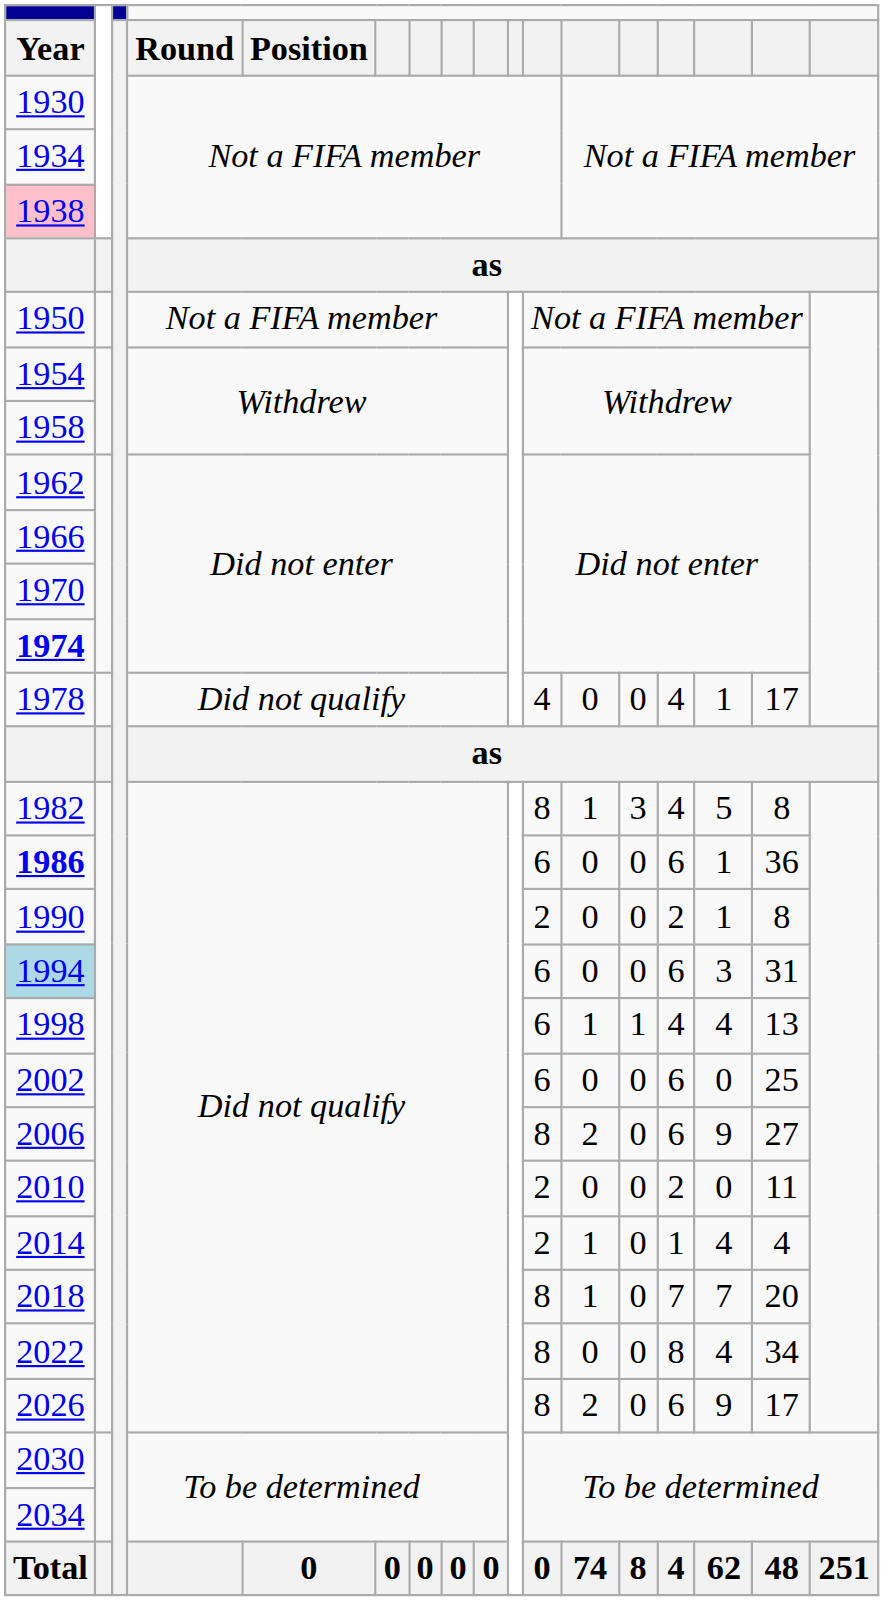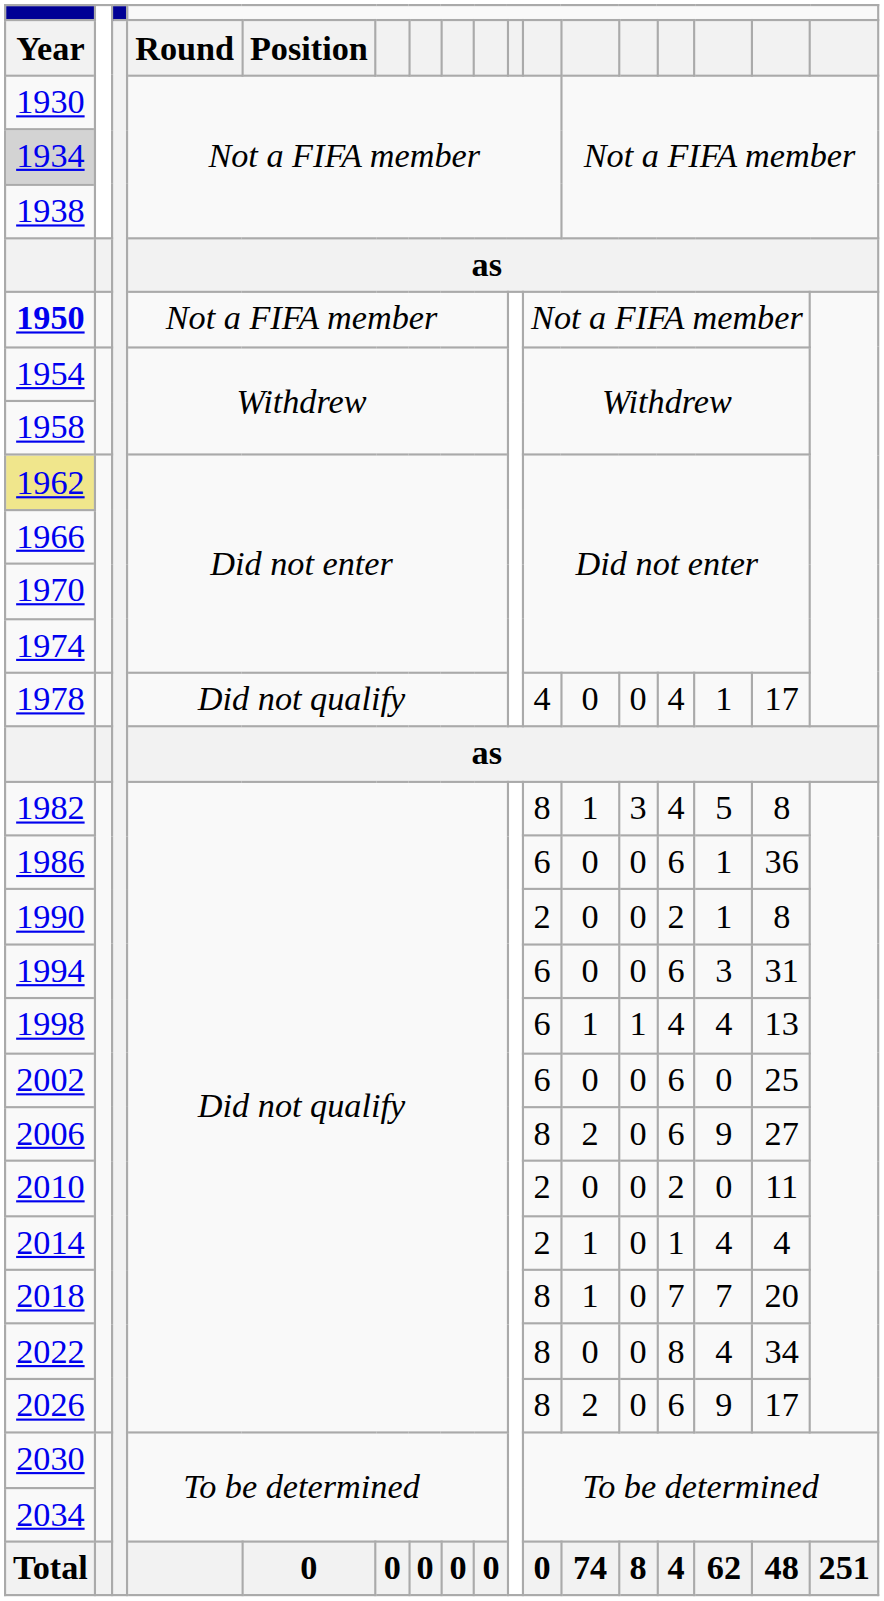 <table class="wikitable" style="text-align:center;">
 <tr style="color:white;">
 <th style="background:#000095; "><a href='#'></a></th>
 <th style="background:white" rowspan="5"></th>
 <th style="background:#000095; "><a href='#'></a></th>
 </tr>
 <tr>
 <th>Year</th>
 <th rowspan=39></th>
 <th>Round</th>
 <th>Position</th>
 <th></th>
 <th></th>
 <th></th>
 <th></th>
 <th></th>
 <th></th>
 <th></th>
 <th></th>
 <th></th>
 <th></th>
 <th></th>
 <th></th>
 </tr>
 <tr>
 <td> <a href='#'>1930</a></td>
 <td colspan=8 rowspan=3><em>Not a FIFA member</em></td>
 <td colspan=6 rowspan=3><em>Not a FIFA member</em></td>
 </tr>
 <tr>
-<td> <a href='#'>1934</a></td>
+<td style="background: lightgrey;"> <a href='#'>1934</a></td>
 </tr>
 <tr>
-<td style="background: pink;"> <a href='#'>1938</a></td>
+<td> <a href='#'>1938</a></td>
 </tr>
 <tr>
 <th></th>
 <th colspan=16>as <strong></strong></th>
 </tr>
 <tr>
-<td> <a href='#'>1950</a></td>
+<td><strong> <a href='#'>1950</a></strong></td>
 <td colspan=8><em>Not a FIFA member</em></td>
 <th style="background:white" rowspan="8"></th>
 <td colspan=6><em>Not a FIFA member</em></td>
 </tr>
 <tr>
 <td> <a href='#'>1954</a></td>
 <td rowspan=2 colspan=8><em>Withdrew</em></td>
 <td rowspan=2 colspan=6><em>Withdrew</em></td>
 </tr>
 <tr>
 <td> <a href='#'>1958</a></td>
 </tr>
 <tr>
-<td> <a href='#'>1962</a></td>
+<td style="background: khaki;"> <a href='#'>1962</a></td>
 <td rowspan=4 colspan=8><em>Did not enter</em></td>
 <td rowspan=4 colspan=6><em>Did not enter</em></td>
 </tr>
 <tr>
 <td> <a href='#'>1966</a></td>
 </tr>
 <tr>
 <td> <a href='#'>1970</a></td>
 </tr>
 <tr>
-<td><strong> <a href='#'>1974</a></strong></td>
+<td> <a href='#'>1974</a></td>
 </tr>
 <tr>
 <td> <a href='#'>1978</a></td>
 <td colspan=8><em>Did not qualify</em></td>
 <td>4</td>
 <td>0</td>
 <td>0</td>
 <td>4</td>
 <td>1</td>
 <td>17</td>
 </tr>
 <tr>
 <th></th>
 <th colspan=16>as <strong> </strong></th>
 </tr>
 <tr>
 <td> <a href='#'>1982</a></td>
 <td rowspan=12 colspan=8><em>Did not qualify</em></td>
 <th style="background:white" rowspan="25"></th>
 <td>8</td>
 <td>1</td>
 <td>3</td>
 <td>4</td>
 <td>5</td>
 <td>8</td>
 </tr>
 <tr>
-<td><strong> <a href='#'>1986</a></strong></td>
+<td> <a href='#'>1986</a></td>
 <td>6</td>
 <td>0</td>
 <td>0</td>
 <td>6</td>
 <td>1</td>
 <td>36</td>
 </tr>
 <tr>
 <td> <a href='#'>1990</a></td>
 <td>2</td>
 <td>0</td>
 <td>0</td>
 <td>2</td>
 <td>1</td>
 <td>8</td>
 </tr>
 <tr>
-<td style="background: lightblue;"> <a href='#'>1994</a></td>
+<td> <a href='#'>1994</a></td>
 <td>6</td>
 <td>0</td>
 <td>0</td>
 <td>6</td>
 <td>3</td>
 <td>31</td>
 </tr>
 <tr>
 <td> <a href='#'>1998</a></td>
 <td>6</td>
 <td>1</td>
 <td>1</td>
 <td>4</td>
 <td>4</td>
 <td>13</td>
 </tr>
 <tr>
 <td>  <a href='#'>2002</a></td>
 <td>6</td>
 <td>0</td>
 <td>0</td>
 <td>6</td>
 <td>0</td>
 <td>25</td>
 </tr>
 <tr>
 <td> <a href='#'>2006</a></td>
 <td>8</td>
 <td>2</td>
 <td>0</td>
 <td>6</td>
 <td>9</td>
 <td>27</td>
 </tr>
 <tr>
 <td> <a href='#'>2010</a></td>
 <td>2</td>
 <td>0</td>
 <td>0</td>
 <td>2</td>
 <td>0</td>
 <td>11</td>
 </tr>
 <tr>
 <td> <a href='#'>2014</a></td>
 <td>2</td>
 <td>1</td>
 <td>0</td>
 <td>1</td>
 <td>4</td>
 <td>4</td>
 </tr>
 <tr>
 <td> <a href='#'>2018</a></td>
 <td>8</td>
 <td>1</td>
 <td>0</td>
 <td>7</td>
 <td>7</td>
 <td>20</td>
 </tr>
 <tr>
 <td> <a href='#'>2022</a></td>
 <td>8</td>
 <td>0</td>
 <td>0</td>
 <td>8</td>
 <td>4</td>
 <td>34</td>
 </tr>
 <tr>
 <td>   <a href='#'>2026</a></td>
 <td>8</td>
 <td>2</td>
 <td>0</td>
 <td>6</td>
 <td>9</td>
 <td>17</td>
 </tr>
 <tr>
 <td>   <a href='#'>2030</a></td>
 <td colspan=8 rowspan=2><em>To be determined</em></td>
 <td colspan=8 rowspan=2><em>To be determined</em></td>
 </tr>
 <tr>
 <td> <a href='#'>2034</a></td>
 </tr>
 <tr>
 <th>Total</th>
 <th></th>
 <th></th>
 <th>0</th>
 <th>0</th>
 <th>0</th>
 <th>0</th>
 <th>0</th>
 <th>0</th>
 <th>74</th>
 <th>8</th>
 <th>4</th>
 <th>62</th>
 <th>48</th>
 <th>251</th>
 </tr>
 </table>
